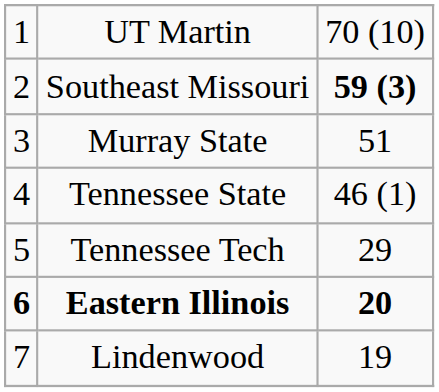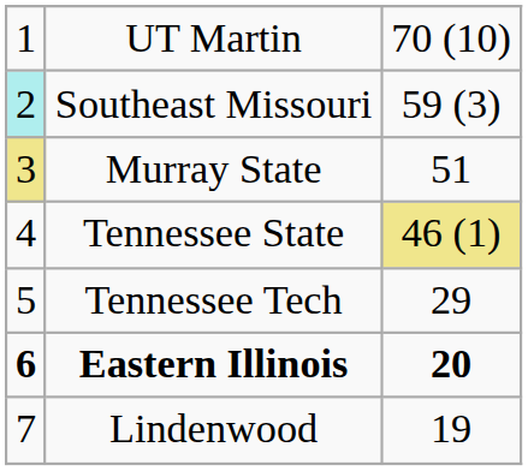 <table class="wikitable">
 <tr align="center">
 </tr>
 <tr align="center">
 <td>1</td>
 <td>UT Martin</td>
 <td>70 (10)</td>
 </tr>
 <tr align="center">
-<td>2</td>
+<td style="background: paleturquoise;">2</td>
 <td>Southeast Missouri</td>
-<td><strong>59 (3)</strong></td>
+<td>59 (3)</td>
 </tr>
 <tr align="center">
-<td>3</td>
+<td style="background: khaki;">3</td>
 <td>Murray State</td>
 <td>51</td>
 </tr>
 <tr align="center">
 <td>4</td>
 <td>Tennessee State</td>
-<td>46 (1)</td>
+<td style="background: khaki;">46 (1)</td>
 </tr>
 <tr align="center">
 <td>5</td>
 <td>Tennessee Tech</td>
 <td>29</td>
 </tr>
 <tr align="center">
 <td><strong>6</strong></td>
 <td><strong>Eastern Illinois</strong></td>
 <td><strong>20</strong></td>
 </tr>
 <tr align="center">
 <td>7</td>
 <td>Lindenwood</td>
 <td>19</td>
 </tr>
 <tr align="center">
 </tr>
 </table>
